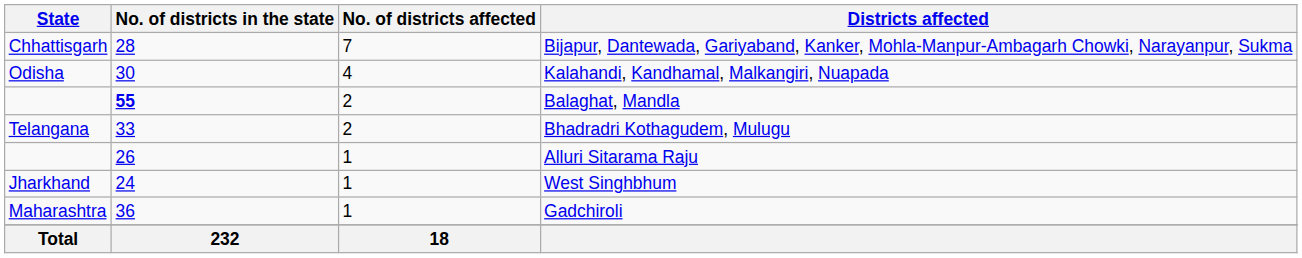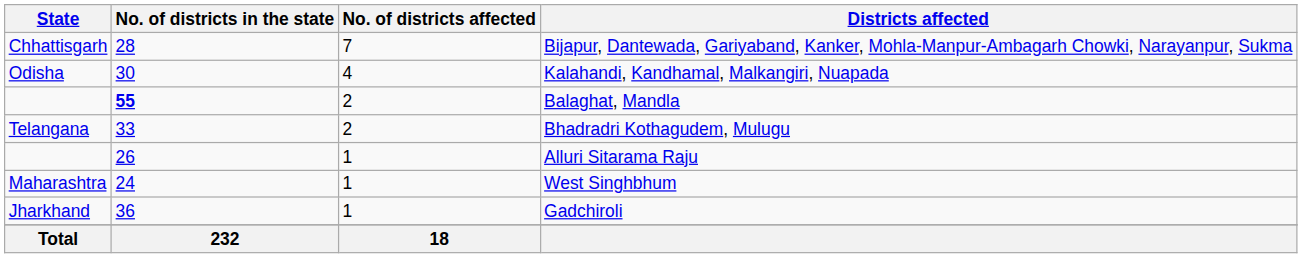 <table class="wikitable sortable defaultcenter col1left col4left" style="font-size: 90%">
 <tr>
 <th><a href='#'>State</a></th>
 <th>No. of districts in the state</th>
 <th>No. of districts affected</th>
 <th class="unsortable"><a href='#'>Districts affected</a></th>
 </tr>
 <tr>
 <td><a href='#'>Chhattisgarh</a></td>
 <td><a href='#'>28</a></td>
 <td>7</td>
 <td><a href='#'>Bijapur</a>, <a href='#'>Dantewada</a>, <a href='#'>Gariyaband</a>, <a href='#'>Kanker</a>, <a href='#'>Mohla-Manpur-Ambagarh Chowki</a>, <a href='#'>Narayanpur</a>, <a href='#'>Sukma</a></td>
 </tr>
 <tr>
 <td><a href='#'>Odisha</a></td>
 <td><a href='#'>30</a></td>
 <td>4</td>
 <td><a href='#'>Kalahandi</a>, <a href='#'>Kandhamal</a>, <a href='#'>Malkangiri</a>, <a href='#'>Nuapada</a></td>
 </tr>
 <tr>
 <td></td>
 <td><strong><a href='#'>55</a></strong></td>
 <td>2</td>
 <td><a href='#'>Balaghat</a>, <a href='#'>Mandla</a></td>
 </tr>
 <tr>
 <td><a href='#'>Telangana</a></td>
 <td><a href='#'>33</a></td>
 <td>2</td>
 <td><a href='#'>Bhadradri Kothagudem</a>, <a href='#'>Mulugu</a></td>
 </tr>
 <tr>
 <td></td>
 <td><a href='#'>26</a></td>
 <td>1</td>
 <td><a href='#'>Alluri Sitarama Raju</a></td>
 </tr>
 <tr>
-<td><a href='#'>Jharkhand</a></td>
+<td><a href='#'>Maharashtra</a></td>
 <td><a href='#'>24</a></td>
 <td>1</td>
 <td><a href='#'>West Singhbhum</a></td>
 </tr>
 <tr>
-<td><a href='#'>Maharashtra</a></td>
+<td><a href='#'>Jharkhand</a></td>
 <td><a href='#'>36</a></td>
 <td>1</td>
 <td><a href='#'>Gadchiroli</a></td>
 </tr>
 <tr>
 </tr>
 <tr>
 <th>Total</th>
 <th>232</th>
 <th>18</th>
 <th></th>
 </tr>
 </table>
